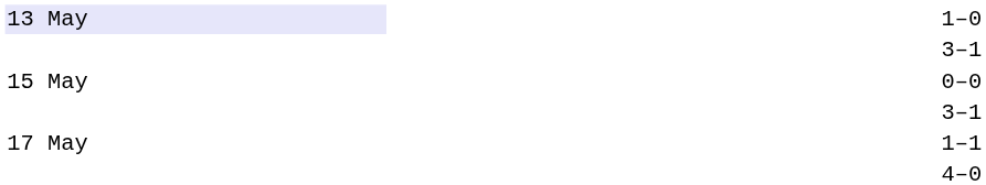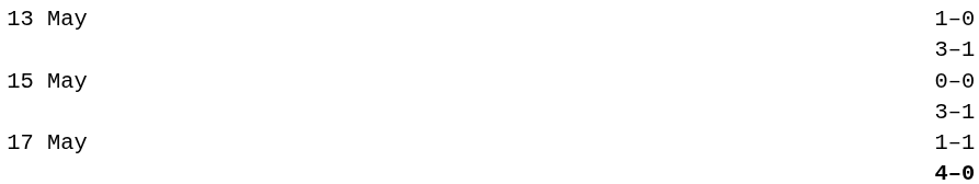 <table cellspacing=1 width=70%>
 <tr>
 <th width=25%></th>
 <th width=30%></th>
 <th width=15%></th>
 <th width=30%></th>
 </tr>
 <tr>
-<td style="background: lavender;">13 May</td>
+<td>13 May</td>
 <td align=right></td>
 <td align=center>1–0</td>
 <td></td>
 </tr>
 <tr>
 <td></td>
 <td align=right></td>
 <td align=center>3–1</td>
 <td></td>
 </tr>
 <tr>
 <td>15 May</td>
 <td align=right></td>
 <td align=center>0–0</td>
 <td></td>
 </tr>
 <tr>
 <td></td>
 <td align=right></td>
 <td align=center>3–1</td>
 <td></td>
 </tr>
 <tr>
 <td>17 May</td>
 <td align=right></td>
 <td align=center>1–1</td>
 <td></td>
 </tr>
 <tr>
 <td></td>
 <td align=right></td>
-<td align=center>4–0</td>
+<td align=center><strong>4–0</strong></td>
 <td></td>
 </tr>
 </table>
